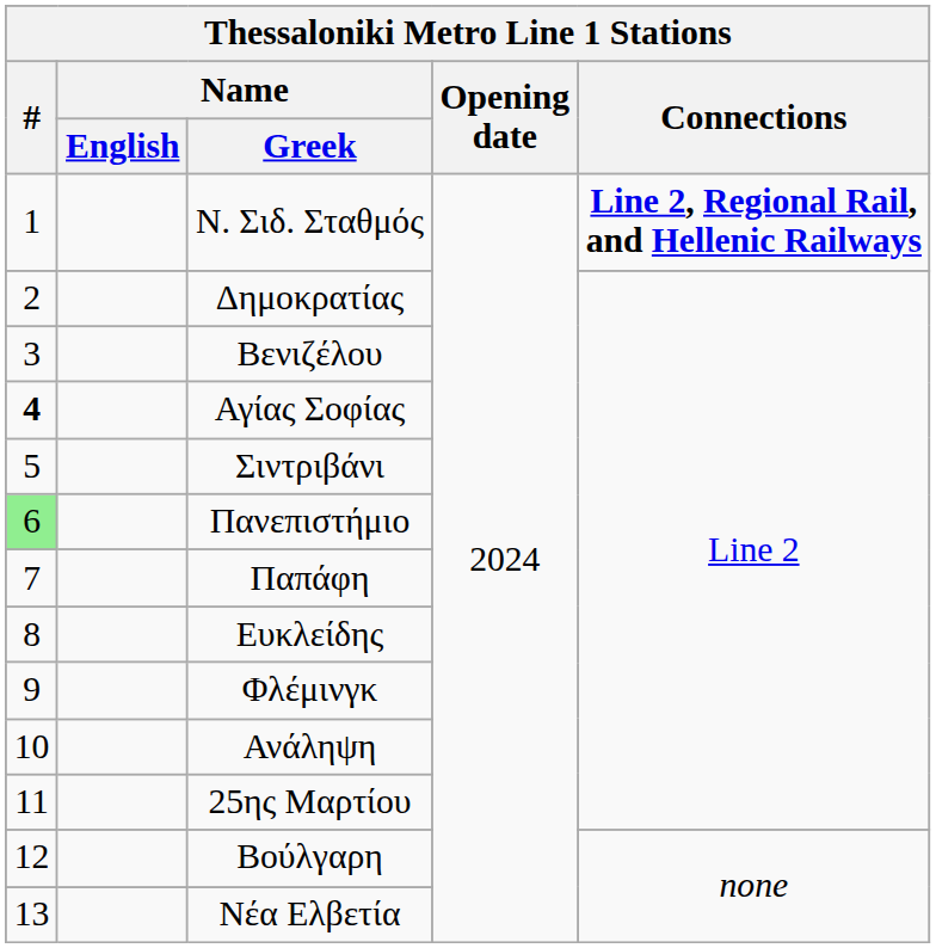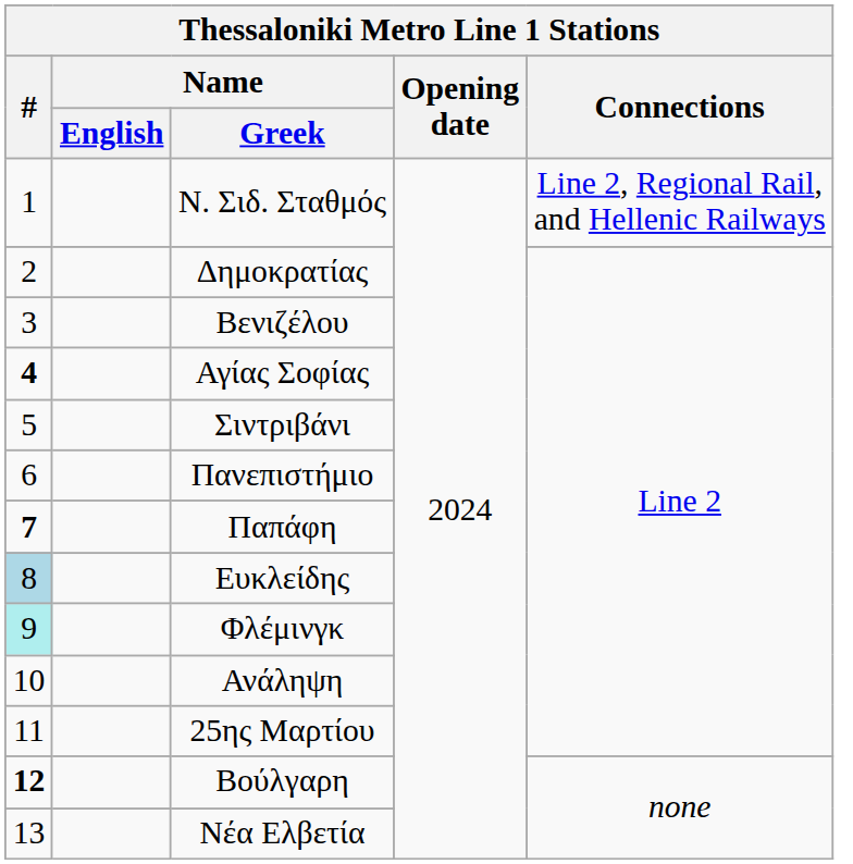 <table class="wikitable" style="text-align: center;">
 <tr>
 <th colspan="5" style="background:#"><span>Thessaloniki Metro Line 1 Stations</span></th>
 </tr>
 <tr>
 <th rowspan="2">#</th>
 <th colspan="2">Name</th>
 <th rowspan="2">Opening<br>date</th>
 <th rowspan="2">Connections</th>
 </tr>
 <tr>
 <th><a href='#'>English</a></th>
 <th><a href='#'>Greek</a></th>
 </tr>
 <tr>
 <td>1</td>
 <td></td>
 <td>Ν. Σιδ. Σταθμός</td>
 <td rowspan="13">2024</td>
-<td><strong> <a href='#'>Line 2</a>, <a href='#'>Regional Rail</a>,<br>and <a href='#'>Hellenic Railways</a></strong></td>
+<td> <a href='#'>Line 2</a>, <a href='#'>Regional Rail</a>,<br>and <a href='#'>Hellenic Railways</a></td>
 </tr>
 <tr>
 <td>2</td>
 <td></td>
 <td>Δημοκρατίας</td>
 <td rowspan="10"> <a href='#'>Line 2</a></td>
 </tr>
 <tr>
 <td>3</td>
 <td></td>
 <td>Βενιζέλου</td>
 </tr>
 <tr>
 <td><strong>4</strong></td>
 <td></td>
 <td>Αγίας Σοφίας</td>
 </tr>
 <tr>
 <td>5</td>
 <td></td>
 <td>Σιντριβάνι</td>
 </tr>
 <tr>
-<td style="background: lightgreen;">6</td>
+<td>6</td>
 <td></td>
 <td>Πανεπιστήμιο</td>
 </tr>
 <tr>
-<td>7</td>
+<td><strong>7</strong></td>
 <td></td>
 <td>Παπάφη</td>
 </tr>
 <tr>
-<td>8</td>
+<td style="background: lightblue;">8</td>
 <td></td>
 <td>Ευκλείδης</td>
 </tr>
 <tr>
-<td>9</td>
+<td style="background: paleturquoise;">9</td>
 <td></td>
 <td>Φλέμινγκ</td>
 </tr>
 <tr>
 <td>10</td>
 <td></td>
 <td>Ανάληψη</td>
 </tr>
 <tr>
 <td>11</td>
 <td></td>
 <td>25ης Μαρτίου</td>
 </tr>
 <tr>
-<td>12</td>
+<td><strong>12</strong></td>
 <td></td>
 <td>Βούλγαρη</td>
 <td rowspan="2"><em>none</em></td>
 </tr>
 <tr>
 <td>13</td>
 <td></td>
 <td>Νέα Ελβετία</td>
 </tr>
 </table>
